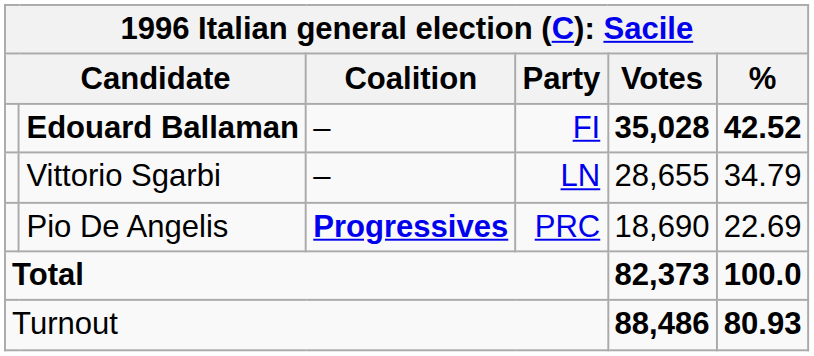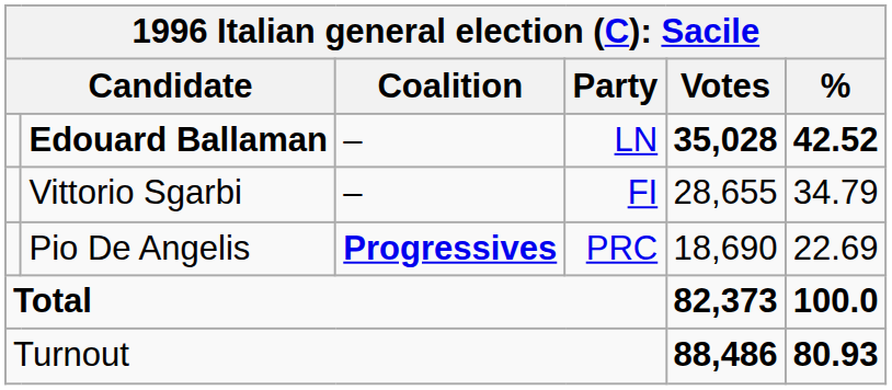 <table class=wikitable style=text-align:right>
 <tr>
 <th colspan=6>1996 Italian general election (<a href='#'>C</a>): <a href='#'>Sacile</a></th>
 </tr>
 <tr>
 <th colspan=2>Candidate</th>
 <th>Coalition</th>
 <th>Party</th>
 <th>Votes</th>
 <th>%</th>
 </tr>
 <tr>
 <td></td>
 <td align=left><strong>Edouard Ballaman</strong></td>
 <td align=left>–</td>
-<td><a href='#'>FI</a></td>
+<td><a href='#'>LN</a></td>
 <td><strong>35,028</strong></td>
 <td><strong>42.52</strong></td>
 </tr>
 <tr>
 <td></td>
 <td align=left>Vittorio Sgarbi</td>
 <td align=left>–</td>
-<td><a href='#'>LN</a></td>
+<td><a href='#'>FI</a></td>
 <td>28,655</td>
 <td>34.79</td>
 </tr>
 <tr>
 <td></td>
 <td align=left>Pio De Angelis</td>
 <td align=left><strong><a href='#'>Progressives</a></strong></td>
 <td><a href='#'>PRC</a></td>
 <td>18,690</td>
 <td>22.69</td>
 </tr>
 <tr>
 <td align=left colspan=4><strong>Total</strong></td>
 <td><strong>82,373</strong></td>
 <td><strong>100.0</strong></td>
 </tr>
 <tr>
 <td align=left colspan=4>Turnout</td>
 <td><strong>88,486</strong></td>
 <td><strong>80.93</strong></td>
 </tr>
 </table>
